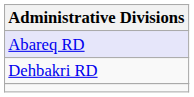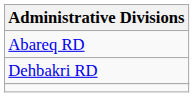 <table class="wikitable">
 <tr>
 <th>Administrative Divisions</th>
 </tr>
 <tr>
-<td style="background: lavender;"><a href='#'>Abareq RD</a></td>
+<td><a href='#'>Abareq RD</a></td>
 </tr>
 <tr>
 <td><a href='#'>Dehbakri RD</a></td>
 </tr>
 <tr>
 </tr>
 <tr>
 <td colspan=1></td>
 </tr>
 </table>
